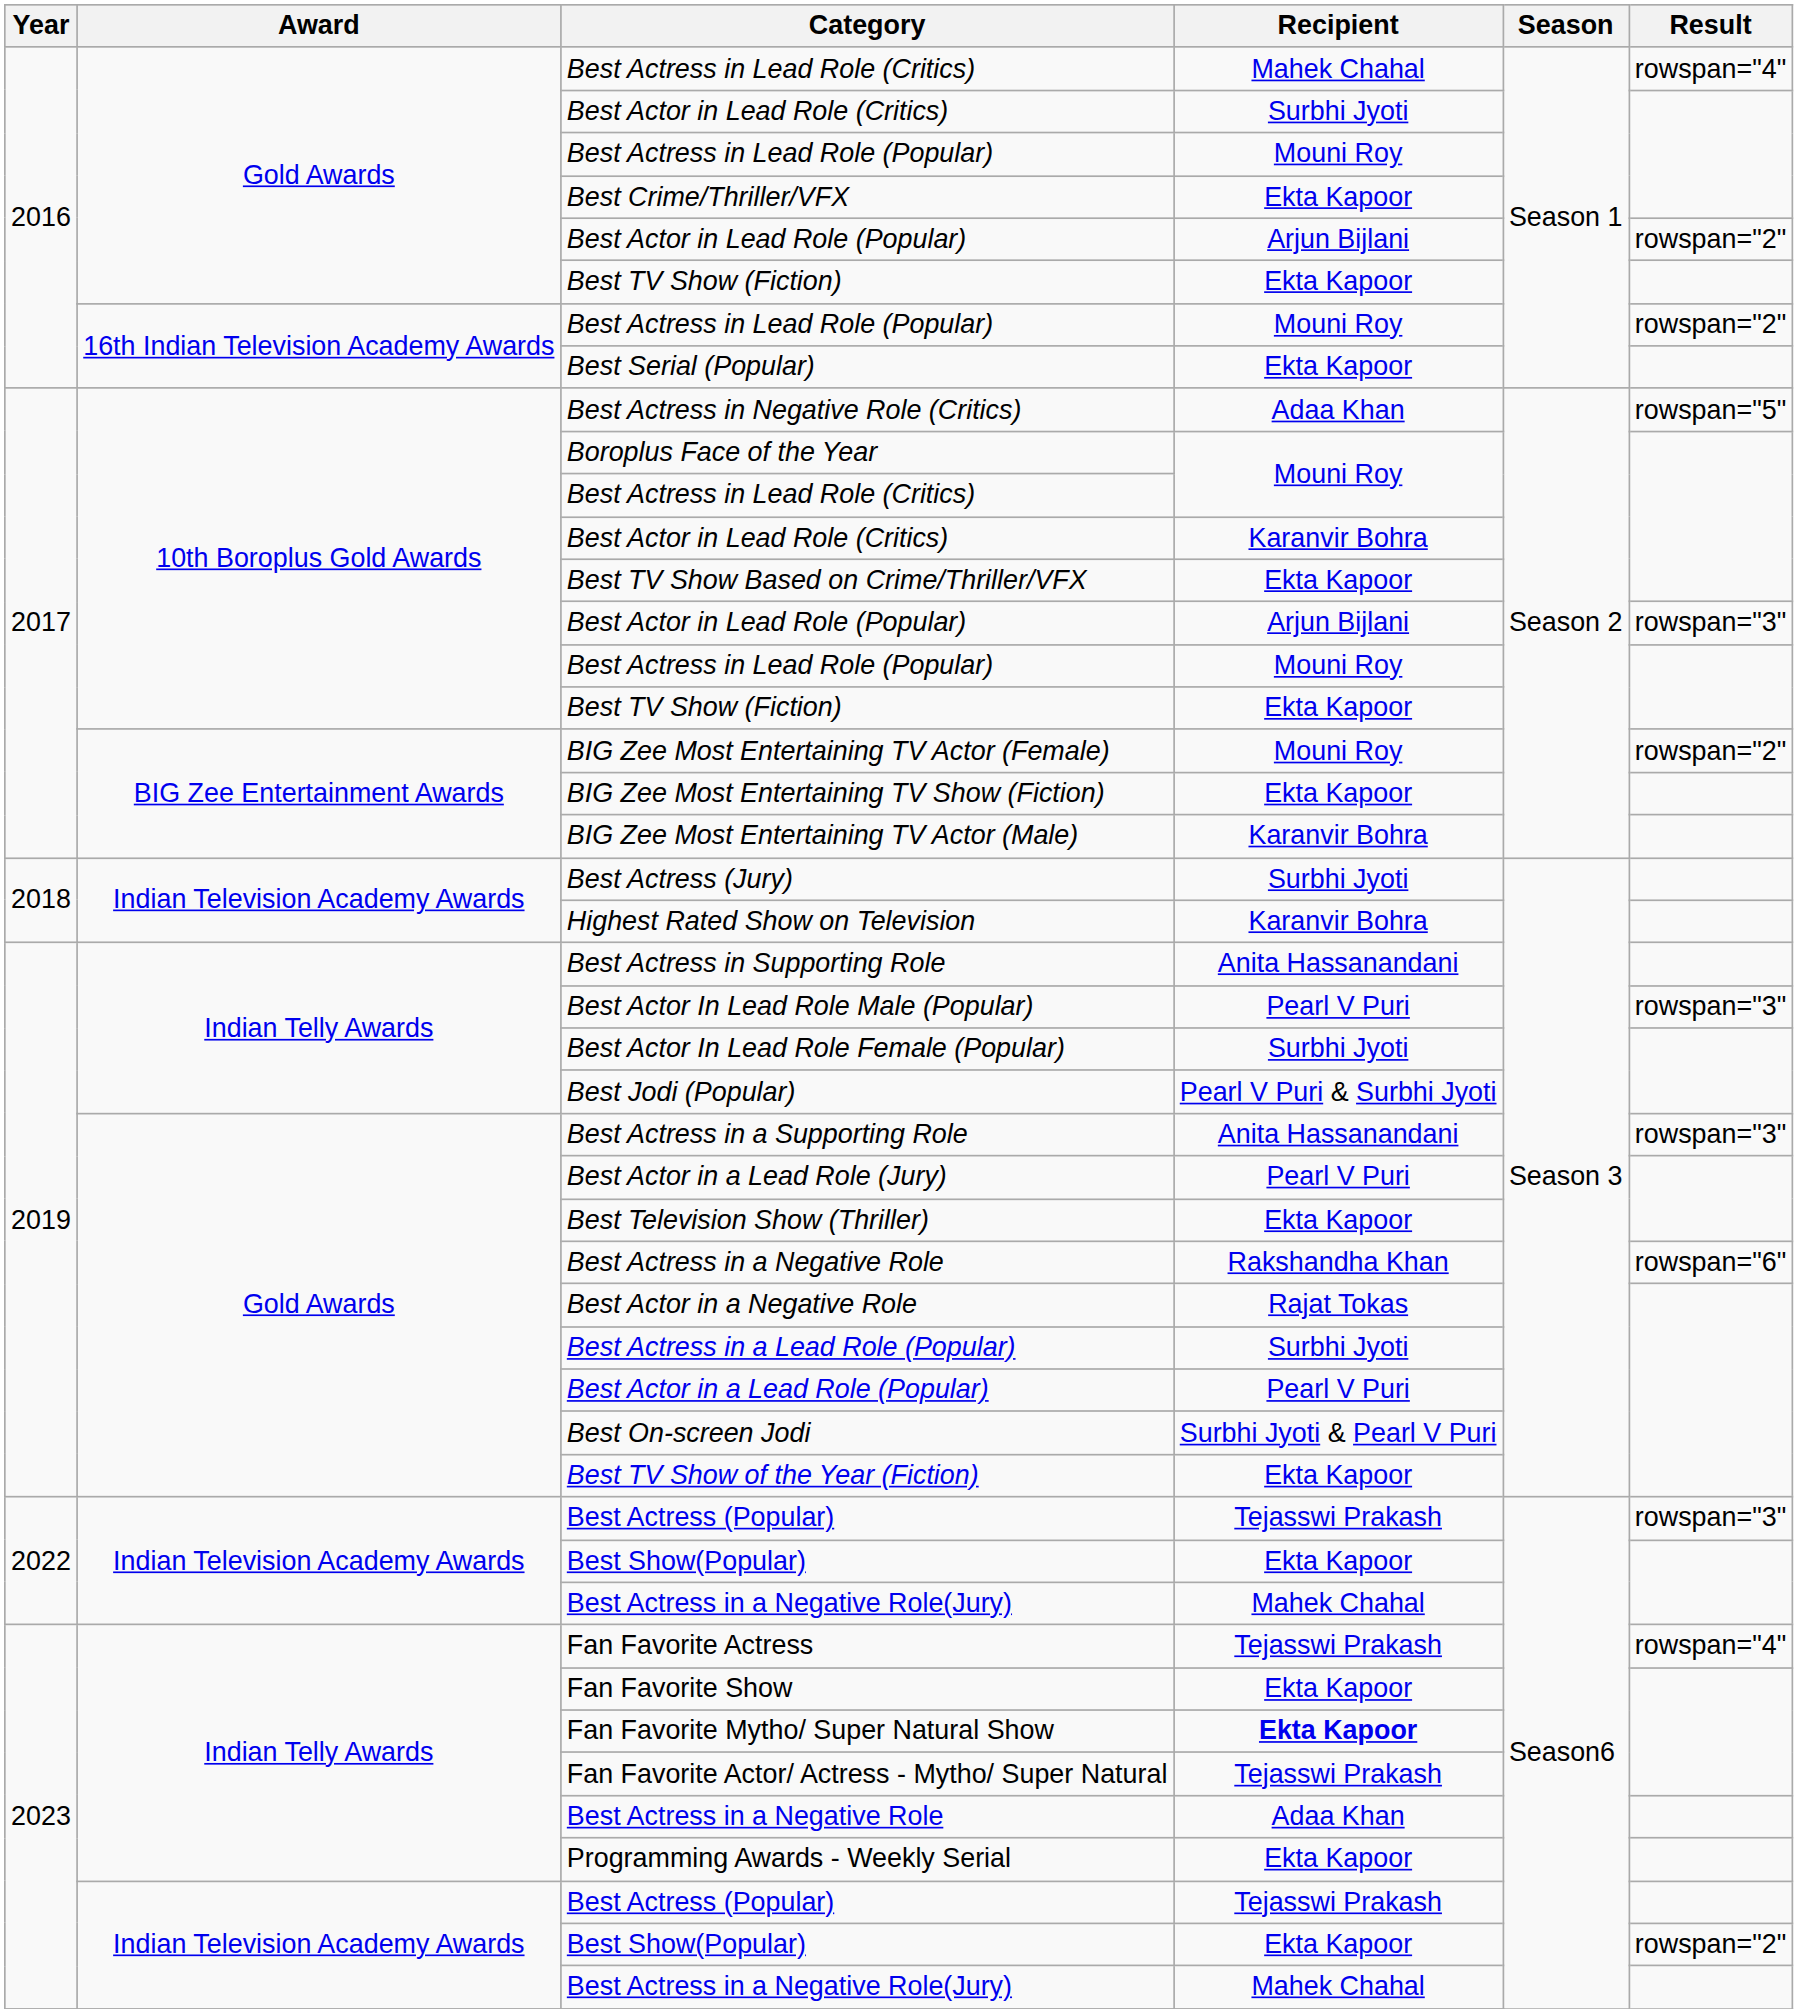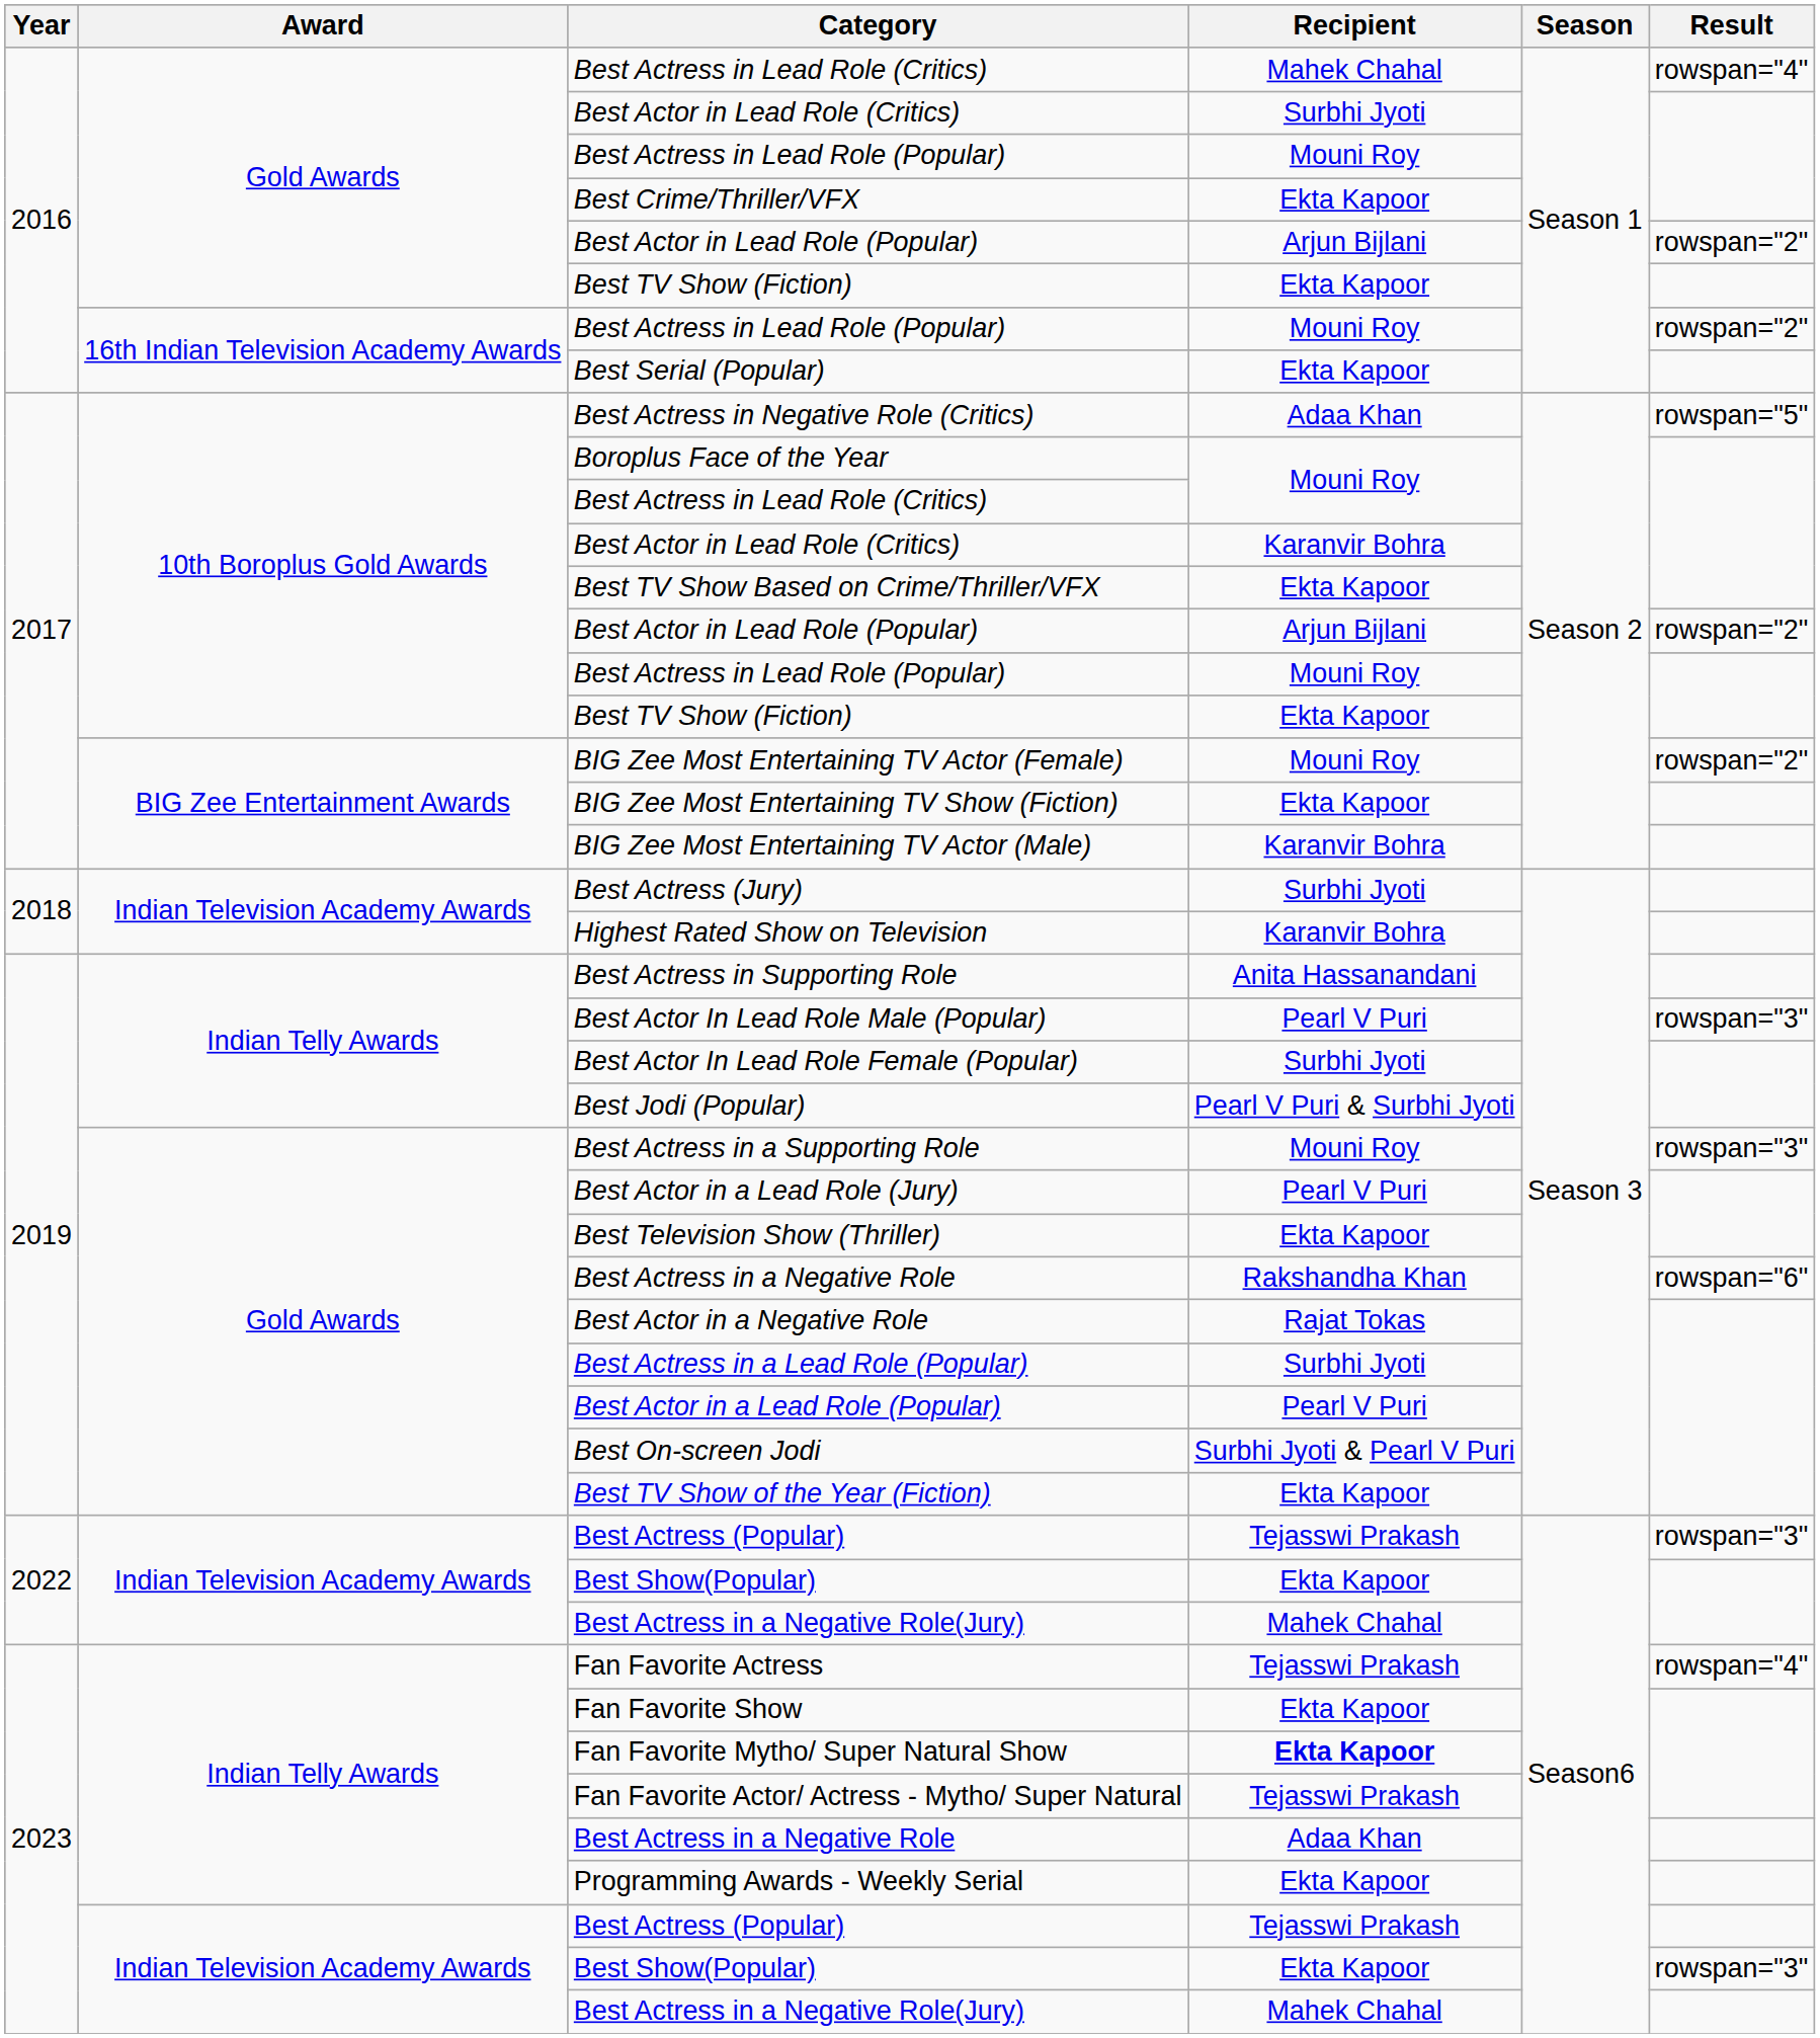 <table class="wikitable">
 <tr>
 <th>Year</th>
 <th>Award</th>
 <th>Category</th>
 <th>Recipient</th>
 <th>Season</th>
 <th>Result</th>
 </tr>
 <tr>
 <td rowspan="8" style="text-align:center;">2016</td>
 <td rowspan="6" style="text-align:center;"><a href='#'>Gold Awards</a></td>
 <td><em> Best Actress in Lead Role (Critics)</em></td>
 <td style="text-align:center;"><a href='#'>Mahek Chahal</a></td>
 <td rowspan="8">Season 1</td>
 <td>rowspan="4" </td>
 </tr>
 <tr>
 <td><em>Best Actor in Lead Role (Critics)</em></td>
 <td style="text-align:center;"><a href='#'>Surbhi Jyoti</a></td>
 </tr>
 <tr>
 <td><em>Best Actress in Lead Role (Popular)</em></td>
 <td style="text-align:center;"><a href='#'>Mouni Roy</a></td>
 </tr>
 <tr>
 <td><em>Best Crime/Thriller/VFX</em></td>
 <td style="text-align:center;"><a href='#'>Ekta Kapoor</a></td>
 </tr>
 <tr>
 <td><em>Best Actor in Lead Role (Popular)</em></td>
 <td style="text-align:center;"><a href='#'>Arjun Bijlani</a></td>
 <td>rowspan="2" </td>
 </tr>
 <tr>
 <td><em>Best TV Show (Fiction)</em></td>
 <td style="text-align:center;"><a href='#'>Ekta Kapoor</a></td>
 </tr>
 <tr>
 <td rowspan="2" style="text-align:center;"><a href='#'>16th Indian Television Academy Awards</a></td>
 <td><em>Best Actress in Lead Role (Popular)</em></td>
 <td style="text-align:center;"><a href='#'>Mouni Roy</a></td>
 <td>rowspan="2" </td>
 </tr>
 <tr>
 <td><em>Best Serial (Popular)</em></td>
 <td style="text-align:center;"><a href='#'>Ekta Kapoor</a></td>
 </tr>
 <tr>
 <td rowspan="11" style="text-align:center;">2017</td>
 <td rowspan="8" style="text-align:center;"><a href='#'>10th Boroplus Gold Awards</a></td>
 <td><em>Best Actress in Negative Role (Critics)</em></td>
 <td style="text-align:center;"><a href='#'>Adaa Khan</a></td>
 <td rowspan="11" style="text-align:center;">Season 2</td>
 <td>rowspan="5" </td>
 </tr>
 <tr>
 <td><em>Boroplus Face of the Year</em></td>
 <td rowspan="2" style="text-align:center;"><a href='#'>Mouni Roy</a></td>
 </tr>
 <tr>
 <td><em>Best Actress in Lead Role (Critics)</em></td>
 </tr>
 <tr>
 <td><em>Best Actor in Lead Role (Critics)</em></td>
 <td style="text-align:center;"><a href='#'>Karanvir Bohra</a></td>
 </tr>
 <tr>
 <td><em>Best TV Show Based on Crime/Thriller/VFX</em></td>
 <td style="text-align:center;"><a href='#'>Ekta Kapoor</a></td>
 </tr>
 <tr>
 <td><em>Best Actor in Lead Role (Popular)</em></td>
 <td style="text-align:center;"><a href='#'>Arjun Bijlani</a></td>
-<td>rowspan="3" </td>
+<td>rowspan="2"</td>
 </tr>
 <tr>
 <td><em>Best Actress in Lead Role (Popular)</em></td>
 <td style="text-align:center;"><a href='#'>Mouni Roy</a></td>
 </tr>
 <tr>
 <td><em>Best TV Show (Fiction)</em></td>
 <td style="text-align:center;"><a href='#'>Ekta Kapoor</a></td>
 </tr>
 <tr>
 <td rowspan="3" style="text-align:center;"><a href='#'>BIG Zee Entertainment Awards</a></td>
 <td><em>BIG Zee Most Entertaining TV Actor (Female)</em></td>
 <td style="text-align:center;"><a href='#'>Mouni Roy</a></td>
 <td>rowspan="2" </td>
 </tr>
 <tr>
 <td><em>BIG Zee Most Entertaining TV Show (Fiction)</em></td>
 <td style="text-align:center;"><a href='#'>Ekta Kapoor</a></td>
 </tr>
 <tr>
 <td><em>BIG Zee Most Entertaining TV Actor (Male)</em></td>
 <td style="text-align:center;"><a href='#'>Karanvir Bohra</a></td>
 <td></td>
 </tr>
 <tr>
 <td rowspan="2">2018</td>
 <td rowspan="2" style="text-align:center;"><a href='#'>Indian Television Academy Awards</a></td>
 <td><em>Best Actress (Jury)</em></td>
 <td style="text-align:center;"><a href='#'>Surbhi Jyoti</a></td>
 <td rowspan="15">Season 3</td>
 <td></td>
 </tr>
 <tr>
 <td><em>Highest Rated Show on Television</em></td>
 <td style="text-align:center;"><a href='#'>Karanvir Bohra</a></td>
 <td></td>
 </tr>
 <tr>
 <td rowspan="13" style="text-align:center;">2019</td>
 <td rowspan="4" style="text-align:center;"><a href='#'>Indian Telly Awards</a></td>
 <td><em>Best Actress in Supporting Role</em></td>
 <td style="text-align:center;"><a href='#'>Anita Hassanandani</a></td>
 <td></td>
 </tr>
 <tr>
 <td><em>Best Actor In Lead Role Male (Popular)</em></td>
 <td style="text-align:center;"><a href='#'>Pearl V Puri</a></td>
 <td>rowspan="3" </td>
 </tr>
 <tr>
 <td><em>Best Actor In Lead Role Female (Popular)</em></td>
 <td style="text-align:center;"><a href='#'>Surbhi Jyoti</a></td>
 </tr>
 <tr>
 <td><em>Best Jodi (Popular)</em></td>
 <td style="text-align:center;"><a href='#'>Pearl V Puri</a> & <a href='#'>Surbhi Jyoti</a></td>
 </tr>
 <tr>
 <td rowspan="9" style="text-align:center;"><a href='#'>Gold Awards</a></td>
 <td><em>Best Actress in a Supporting Role</em></td>
-<td style="text-align:center;"><a href='#'>Anita Hassanandani</a></td>
+<td style="text-align:center;"><a href='#'>Mouni Roy</a></td>
 <td>rowspan="3" </td>
 </tr>
 <tr>
 <td><em>Best Actor in a Lead Role (Jury)</em></td>
 <td style="text-align:center;"><a href='#'>Pearl V Puri</a></td>
 </tr>
 <tr>
 <td><em>Best Television Show (Thriller)</em></td>
 <td style="text-align:center;"><a href='#'>Ekta Kapoor</a></td>
 </tr>
 <tr>
 <td><em>Best Actress in a Negative Role</em></td>
 <td style="text-align:center;"><a href='#'>Rakshandha Khan</a></td>
 <td>rowspan="6" </td>
 </tr>
 <tr>
 <td><em>Best Actor in a Negative Role</em></td>
 <td style="text-align:center;"><a href='#'>Rajat Tokas</a></td>
 </tr>
 <tr>
 <td><em><a href='#'>Best Actress in a Lead Role (Popular)</a></em></td>
 <td style="text-align:center;"><a href='#'>Surbhi Jyoti</a></td>
 </tr>
 <tr>
 <td><em><a href='#'>Best Actor in a Lead Role (Popular)</a></em></td>
 <td style="text-align:center;"><a href='#'>Pearl V Puri</a></td>
 </tr>
 <tr>
 <td><em>Best On-screen Jodi</em></td>
 <td style="text-align:center;"><a href='#'>Surbhi Jyoti</a> & <a href='#'>Pearl V Puri</a></td>
 </tr>
 <tr>
 <td><em><a href='#'>Best TV Show of the Year (Fiction)</a></em></td>
 <td style="text-align:center;"><a href='#'>Ekta Kapoor</a></td>
 </tr>
 <tr>
 <td rowspan="3">2022</td>
 <td rowspan="3" style="text-align:center;"><a href='#'>Indian Television Academy Awards</a></td>
 <td><a href='#'>Best Actress (Popular)</a></td>
 <td style="text-align:center;"><a href='#'>Tejasswi Prakash</a></td>
 <td rowspan="15">Season6</td>
 <td>rowspan="3"</td>
 </tr>
 <tr>
 <td><a href='#'>Best Show(Popular)</a></td>
 <td style="text-align:center;"><a href='#'>Ekta Kapoor</a></td>
 </tr>
 <tr>
 <td><a href='#'>Best Actress in a Negative Role(Jury)</a></td>
 <td style="text-align:center;"><a href='#'>Mahek Chahal</a></td>
 </tr>
 <tr>
 <td rowspan="10">2023</td>
 <td rowspan="6" style="text-align:center;"><a href='#'>Indian Telly Awards</a></td>
 <td>Fan Favorite Actress</td>
 <td style="text-align:center;"><a href='#'>Tejasswi Prakash</a></td>
 <td>rowspan="4"</td>
 </tr>
 <tr>
 <td>Fan Favorite Show</td>
 <td style="text-align:center;"><a href='#'>Ekta Kapoor</a></td>
 </tr>
 <tr>
 <td>Fan Favorite Mytho/ Super Natural Show</td>
 <td style="text-align:center;"><strong><a href='#'>Ekta Kapoor</a></strong></td>
 </tr>
 <tr>
 <td>Fan Favorite Actor/ Actress - Mytho/ Super Natural</td>
 <td style="text-align:center;"><a href='#'>Tejasswi Prakash</a></td>
 </tr>
 <tr>
 <td><a href='#'>Best Actress in a Negative Role</a></td>
 <td style="text-align:center;"><a href='#'>Adaa Khan</a></td>
 <td></td>
 </tr>
 <tr>
 <td>Programming Awards - Weekly Serial</td>
 <td style="text-align:center;"><a href='#'>Ekta Kapoor</a></td>
 <td></td>
 </tr>
 <tr>
 <td rowspan="3" style="text-align:center;"><a href='#'>Indian Television Academy Awards</a></td>
 <td><a href='#'>Best Actress (Popular)</a></td>
 <td style="text-align:center;"><a href='#'>Tejasswi Prakash</a></td>
 <td></td>
 </tr>
 <tr>
 <td><a href='#'>Best Show(Popular)</a></td>
 <td style="text-align:center;"><a href='#'>Ekta Kapoor</a></td>
-<td>rowspan="2"</td>
+<td>rowspan="3" </td>
 </tr>
 <tr>
 <td><a href='#'>Best Actress in a Negative Role(Jury)</a></td>
 <td style="text-align:center;"><a href='#'>Mahek Chahal</a></td>
 </tr>
 <tr>
 </tr>
 <tr>
 </tr>
 </table>
